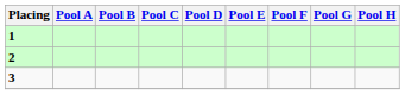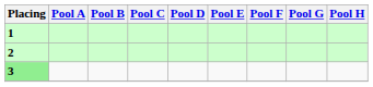 <table class=wikitable style="border:1px solid #AAAAAA;">
 <tr>
 <th>Placing</th>
 <th><a href='#'>Pool A</a></th>
 <th><a href='#'>Pool B</a></th>
 <th><a href='#'>Pool C</a></th>
 <th><a href='#'>Pool D</a></th>
 <th><a href='#'>Pool E</a></th>
 <th><a href='#'>Pool F</a></th>
 <th><a href='#'>Pool G</a></th>
 <th><a href='#'>Pool H</a></th>
 </tr>
 <tr style="background: #ccffcc;">
 <td><strong>1</strong></td>
 <td></td>
 <td></td>
 <td></td>
 <td></td>
 <td></td>
 <td></td>
 <td></td>
 <td></td>
 </tr>
 <tr style="background: #ccffcc;">
 <td><strong>2</strong></td>
 <td></td>
 <td></td>
 <td></td>
 <td></td>
 <td></td>
 <td></td>
 <td></td>
 <td></td>
 </tr>
 <tr>
-<td><strong>3</strong></td>
+<td style="background: lightgreen;"><strong>3</strong></td>
 <td></td>
 <td></td>
 <td></td>
 <td></td>
 <td></td>
 <td></td>
 <td></td>
 <td></td>
 </tr>
 <tr>
 </tr>
 </table>
